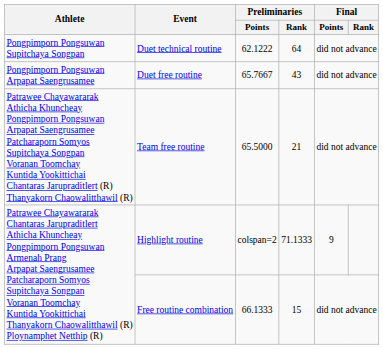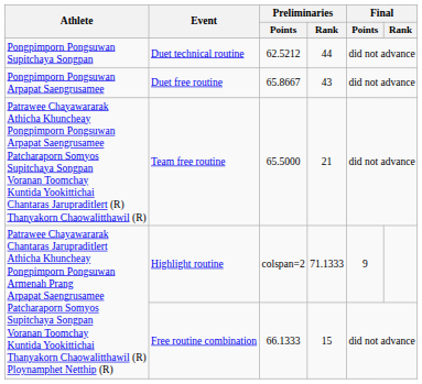 <table class=wikitable style="font-size:90%">
 <tr>
 <th rowspan="2">Athlete</th>
 <th rowspan="2">Event</th>
 <th colspan="2">Preliminaries</th>
 <th colspan="2">Final</th>
 </tr>
 <tr style="font-size:95%">
 <th>Points</th>
 <th>Rank</th>
 <th>Points</th>
 <th>Rank</th>
 </tr>
 <tr align=center>
 <td align=left><a href='#'>Pongpimporn Pongsuwan</a><br><a href='#'>Supitchaya Songpan</a></td>
 <td align=left><a href='#'>Duet technical routine</a></td>
-<td>62.1222</td>
-<td>64</td>
+<td>62.5212</td>
+<td>44</td>
 <td colspan=2>did not advance</td>
 </tr>
 <tr align=center>
 <td align=left><a href='#'>Pongpimporn Pongsuwan</a><br><a href='#'>Arpapat Saengrusamee</a></td>
 <td align=left><a href='#'>Duet free routine</a></td>
-<td>65.7667</td>
+<td>65.8667</td>
 <td>43</td>
 <td colspan=2>did not advance</td>
 </tr>
 <tr align=center>
 <td align=left><a href='#'>Patrawee Chayawararak</a><br><a href='#'>Athicha Khuncheay</a><br><a href='#'>Pongpimporn Pongsuwan</a><br><a href='#'>Arpapat Saengrusamee</a><br><a href='#'>Patcharaporn Somyos</a><br><a href='#'>Supitchaya Songpan</a><br><a href='#'>Voranan Toomchay</a><br><a href='#'>Kuntida Yookittichai</a><br><a href='#'>Chantaras Jarupraditlert</a> (R)<br><a href='#'>Thanyakorn Chaowalitthawil</a> (R)</td>
 <td align=left><a href='#'>Team free routine</a></td>
 <td>65.5000</td>
 <td>21</td>
 <td colspan=2>did not advance</td>
 </tr>
 <tr align=center>
 <td align=left rowspan=2><a href='#'>Patrawee Chayawararak</a><br><a href='#'>Chantaras Jarupraditlert</a><br><a href='#'>Athicha Khuncheay</a><br><a href='#'>Pongpimporn Pongsuwan</a><br><a href='#'>Armenah Prang</a><br><a href='#'>Arpapat Saengrusamee</a><br><a href='#'>Patcharaporn Somyos</a><br><a href='#'>Supitchaya Songpan</a><br><a href='#'>Voranan Toomchay</a><br><a href='#'>Kuntida Yookittichai</a><br><a href='#'>Thanyakorn Chaowalitthawil</a> (R)<br><a href='#'>Ploynamphet Netthip</a> (R)</td>
 <td align=left><a href='#'>Highlight routine</a></td>
 <td>colspan=2 </td>
 <td>71.1333</td>
 <td>9</td>
 </tr>
 <tr align=center>
 <td align=left><a href='#'>Free routine combination</a></td>
 <td>66.1333</td>
 <td>15</td>
 <td colspan=2>did not advance</td>
 </tr>
 </table>
